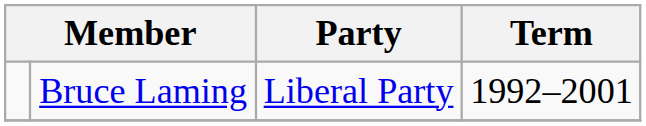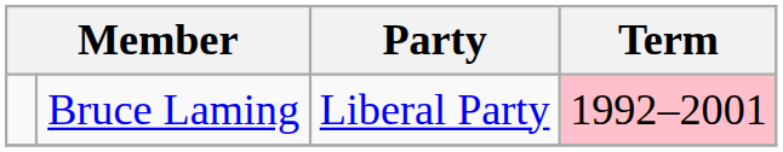 <table class="wikitable">
 <tr>
 <th colspan="2">Member</th>
 <th>Party</th>
 <th>Term</th>
 </tr>
 <tr>
 <td> </td>
 <td><a href='#'>Bruce Laming</a></td>
 <td><a href='#'>Liberal Party</a></td>
-<td>1992–2001</td>
+<td style="background: pink;">1992–2001</td>
 </tr>
 <tr>
 </tr>
 </table>
